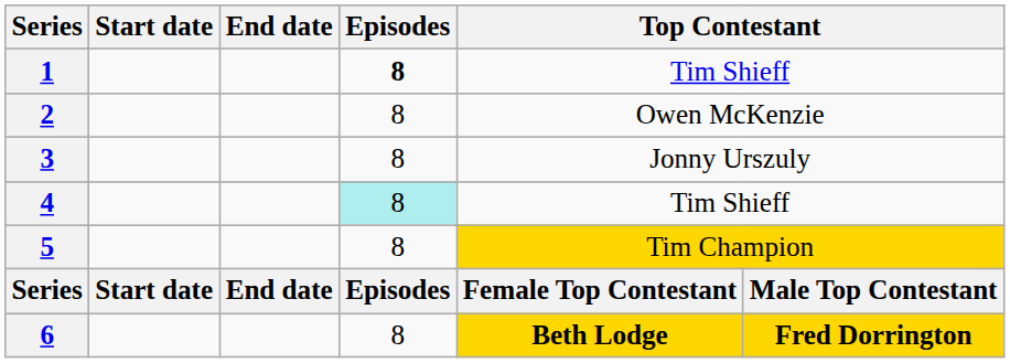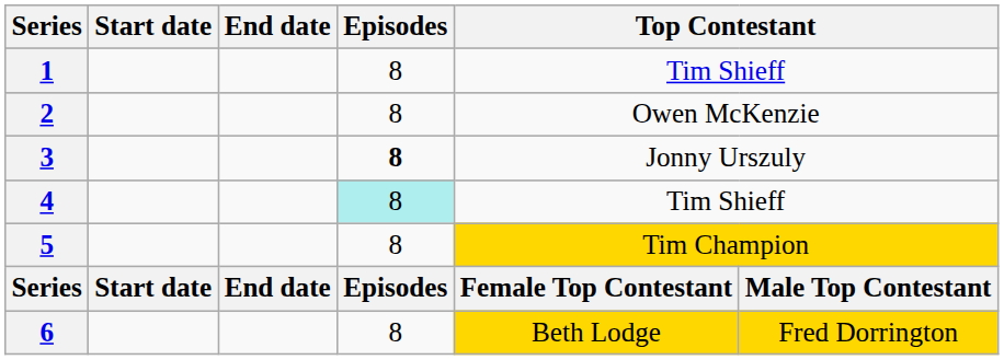 <table class="wikitable" style="text-align:center" line-height:"14px">
 <tr>
 <th scope="col">Series</th>
 <th scope="col">Start date</th>
 <th scope="col">End date</th>
 <th scope="col">Episodes</th>
 <th colspan="2" scope="col">Top Contestant</th>
 </tr>
 <tr>
 <th scope="row"><a href='#'>1</a></th>
 <td></td>
 <td></td>
-<td><strong>8</strong></td>
+<td>8</td>
 <td colspan="2"><a href='#'>Tim Shieff</a></td>
 </tr>
 <tr>
 <th scope="row"><a href='#'>2</a></th>
 <td></td>
 <td></td>
 <td>8</td>
 <td colspan="2">Owen McKenzie</td>
 </tr>
 <tr>
 <th scope="row"><a href='#'>3</a></th>
 <td></td>
 <td></td>
-<td>8</td>
+<td><strong>8</strong></td>
 <td colspan="2">Jonny Urszuly</td>
 </tr>
 <tr>
 <th scope="row"><a href='#'>4</a></th>
 <td></td>
 <td></td>
 <td style="background: paleturquoise;">8</td>
 <td colspan="2">Tim Shieff</td>
 </tr>
 <tr>
 <th scope="row"><a href='#'>5</a></th>
 <td></td>
 <td></td>
 <td>8</td>
 <td colspan="2" style="background:gold">Tim Champion</td>
 </tr>
 <tr>
 <th>Series</th>
 <th>Start date</th>
 <th>End date</th>
 <th>Episodes</th>
 <th>Female Top Contestant</th>
 <th>Male Top Contestant</th>
 </tr>
 <tr>
 <th scope="row"><a href='#'>6</a></th>
 <td></td>
 <td></td>
 <td>8</td>
-<td style="background:gold"><strong>Beth Lodge</strong></td>
-<td style="background:gold"><strong>Fred Dorrington</strong></td>
+<td style="background:gold">Beth Lodge</td>
+<td style="background:gold">Fred Dorrington</td>
 </tr>
 </table>
